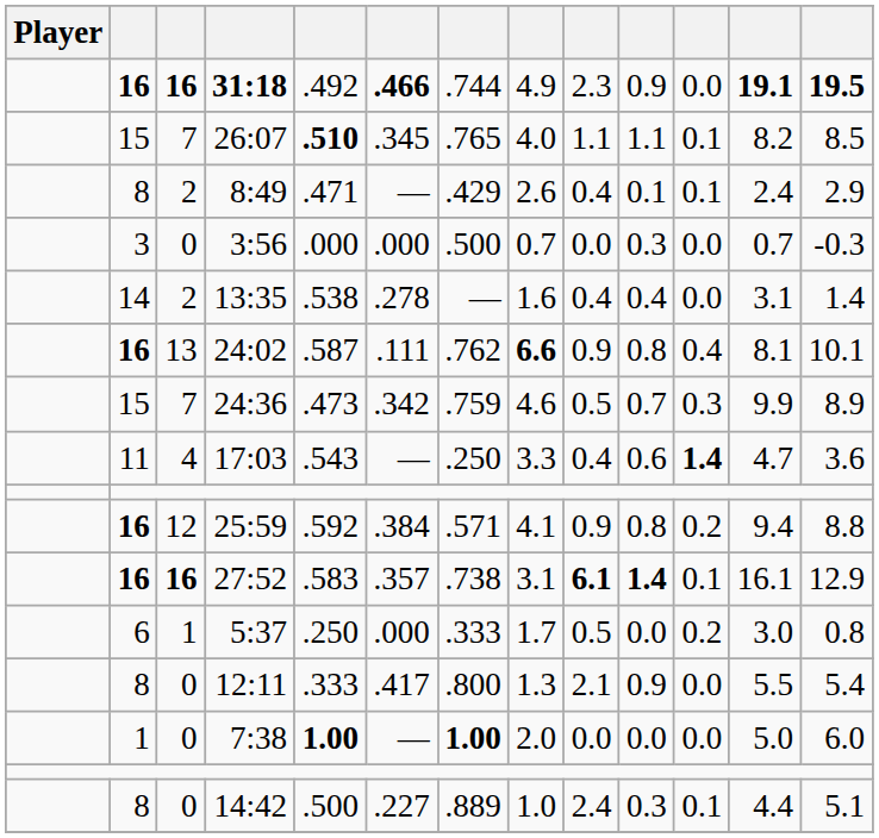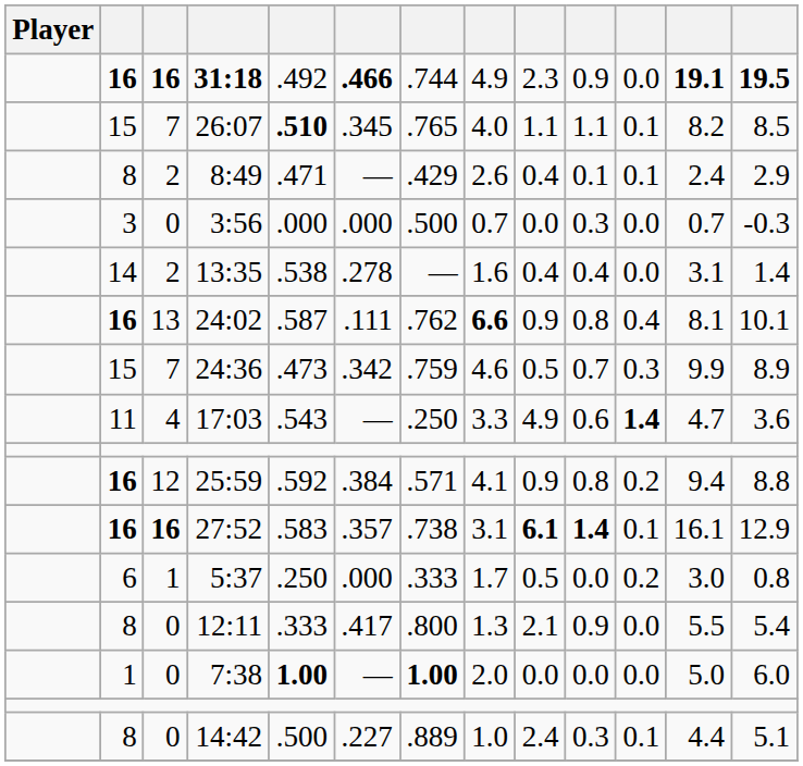 <table class="wikitable sortable" style="font-size:95%; text-align:right;">
 <tr>
 <th>Player</th>
 <th></th>
 <th></th>
 <th></th>
 <th></th>
 <th></th>
 <th></th>
 <th></th>
 <th></th>
 <th></th>
 <th></th>
 <th></th>
 <th></th>
 </tr>
 <tr>
 <td><strong></strong></td>
 <td><strong>16</strong></td>
 <td><strong>16</strong></td>
 <td><strong>31:18</strong></td>
 <td>.492</td>
 <td><strong>.466</strong></td>
 <td>.744</td>
 <td>4.9</td>
 <td>2.3</td>
 <td>0.9</td>
 <td>0.0</td>
 <td><strong>19.1</strong></td>
 <td><strong>19.5</strong></td>
 </tr>
 <tr>
 <td><strong></strong></td>
 <td>15</td>
 <td>7</td>
 <td>26:07</td>
 <td><strong>.510</strong></td>
 <td>.345</td>
 <td>.765</td>
 <td>4.0</td>
 <td>1.1</td>
 <td>1.1</td>
 <td>0.1</td>
 <td>8.2</td>
 <td>8.5</td>
 </tr>
 <tr>
 <td><strong></strong></td>
 <td>8</td>
 <td>2</td>
 <td>8:49</td>
 <td>.471</td>
 <td>—</td>
 <td>.429</td>
 <td>2.6</td>
 <td>0.4</td>
 <td>0.1</td>
 <td>0.1</td>
 <td>2.4</td>
 <td>2.9</td>
 </tr>
 <tr>
 <td><strong></strong></td>
 <td>3</td>
 <td>0</td>
 <td>3:56</td>
 <td>.000</td>
 <td>.000</td>
 <td>.500</td>
 <td>0.7</td>
 <td>0.0</td>
 <td>0.3</td>
 <td>0.0</td>
 <td>0.7</td>
 <td>-0.3</td>
 </tr>
 <tr>
 <td><strong></strong></td>
 <td>14</td>
 <td>2</td>
 <td>13:35</td>
 <td>.538</td>
 <td>.278</td>
 <td>—</td>
 <td>1.6</td>
 <td>0.4</td>
 <td>0.4</td>
 <td>0.0</td>
 <td>3.1</td>
 <td>1.4</td>
 </tr>
 <tr>
 <td><strong></strong></td>
 <td><strong>16</strong></td>
 <td>13</td>
 <td>24:02</td>
 <td>.587</td>
 <td>.111</td>
 <td>.762</td>
 <td><strong>6.6</strong></td>
 <td>0.9</td>
 <td>0.8</td>
 <td>0.4</td>
 <td>8.1</td>
 <td>10.1</td>
 </tr>
 <tr>
 <td><strong></strong></td>
 <td>15</td>
 <td>7</td>
 <td>24:36</td>
 <td>.473</td>
 <td>.342</td>
 <td>.759</td>
 <td>4.6</td>
 <td>0.5</td>
 <td>0.7</td>
 <td>0.3</td>
 <td>9.9</td>
 <td>8.9</td>
 </tr>
 <tr>
 <td><strong></strong></td>
 <td>11</td>
 <td>4</td>
 <td>17:03</td>
 <td>.543</td>
 <td>—</td>
 <td>.250</td>
 <td>3.3</td>
-<td>0.4</td>
+<td>4.9</td>
 <td>0.6</td>
 <td><strong>1.4</strong></td>
 <td>4.7</td>
 <td>3.6</td>
 </tr>
 <tr>
 <td><strong></strong></td>
 <td colspan=12 data-sort-value="-50"></td>
 </tr>
 <tr>
 <td><strong></strong></td>
 <td><strong>16</strong></td>
 <td>12</td>
 <td>25:59</td>
 <td>.592</td>
 <td>.384</td>
 <td>.571</td>
 <td>4.1</td>
 <td>0.9</td>
 <td>0.8</td>
 <td>0.2</td>
 <td>9.4</td>
 <td>8.8</td>
 </tr>
 <tr>
 <td><strong></strong></td>
 <td><strong>16</strong></td>
 <td><strong>16</strong></td>
 <td>27:52</td>
 <td>.583</td>
 <td>.357</td>
 <td>.738</td>
 <td>3.1</td>
 <td><strong>6.1</strong></td>
 <td><strong>1.4</strong></td>
 <td>0.1</td>
 <td>16.1</td>
 <td>12.9</td>
 </tr>
 <tr>
 <td><strong></strong></td>
 <td>6</td>
 <td>1</td>
 <td>5:37</td>
 <td>.250</td>
 <td>.000</td>
 <td>.333</td>
 <td>1.7</td>
 <td>0.5</td>
 <td>0.0</td>
 <td>0.2</td>
 <td>3.0</td>
 <td>0.8</td>
 </tr>
 <tr>
 <td><strong></strong></td>
 <td>8</td>
 <td>0</td>
 <td>12:11</td>
 <td>.333</td>
 <td>.417</td>
 <td>.800</td>
 <td>1.3</td>
 <td>2.1</td>
 <td>0.9</td>
 <td>0.0</td>
 <td>5.5</td>
 <td>5.4</td>
 </tr>
 <tr>
 <td><strong></strong></td>
 <td>1</td>
 <td>0</td>
 <td>7:38</td>
 <td><strong>1.00</strong></td>
 <td>—</td>
 <td><strong>1.00</strong></td>
 <td>2.0</td>
 <td>0.0</td>
 <td>0.0</td>
 <td>0.0</td>
 <td>5.0</td>
 <td>6.0</td>
 </tr>
 <tr class="sortbottom">
 <td colspan=13></td>
 </tr>
 <tr>
 <td><em></em></td>
 <td>8</td>
 <td>0</td>
 <td>14:42</td>
 <td>.500</td>
 <td>.227</td>
 <td>.889</td>
 <td>1.0</td>
 <td>2.4</td>
 <td>0.3</td>
 <td>0.1</td>
 <td>4.4</td>
 <td>5.1</td>
 </tr>
 <tr>
 </tr>
 </table>
